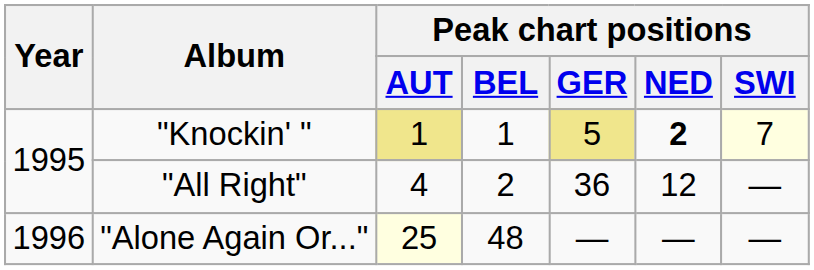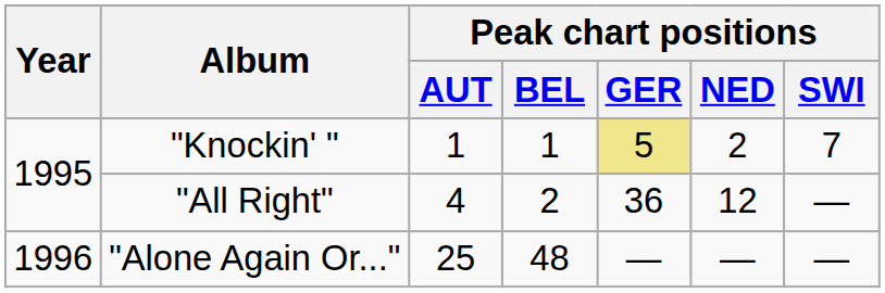 <table class="wikitable" style="text-align:center;">
 <tr>
 <th rowspan="2">Year</th>
 <th rowspan="2">Album</th>
 <th colspan="5">Peak chart positions</th>
 </tr>
 <tr>
 <th width="35"><a href='#'>AUT</a><br></th>
 <th width="35"><a href='#'>BEL</a><br></th>
 <th width="35"><a href='#'>GER</a><br></th>
 <th width="35"><a href='#'>NED</a><br></th>
 <th width="35"><a href='#'>SWI</a><br></th>
 </tr>
 <tr>
 <td rowspan=2>1995</td>
 <td>"Knockin' "</td>
-<td align="center" style="background: khaki;">1</td>
+<td align="center">1</td>
 <td align="center">1</td>
 <td align="center" style="background: khaki;">5</td>
-<td align="center"><strong>2</strong></td>
-<td align="center" style="background: lightyellow;">7</td>
+<td align="center">2</td>
+<td align="center">7</td>
 </tr>
 <tr>
 <td>"All Right"</td>
 <td align="center">4</td>
 <td align="center">2</td>
 <td align="center">36</td>
 <td align="center">12</td>
 <td align="center">—</td>
 </tr>
 <tr>
 <td rowspan=1>1996</td>
 <td>"Alone Again Or..."</td>
-<td align="center" style="background: lightyellow;">25</td>
+<td align="center">25</td>
 <td align="center">48</td>
 <td align="center">—</td>
 <td align="center">—</td>
 <td align="center">—</td>
 </tr>
 </table>
